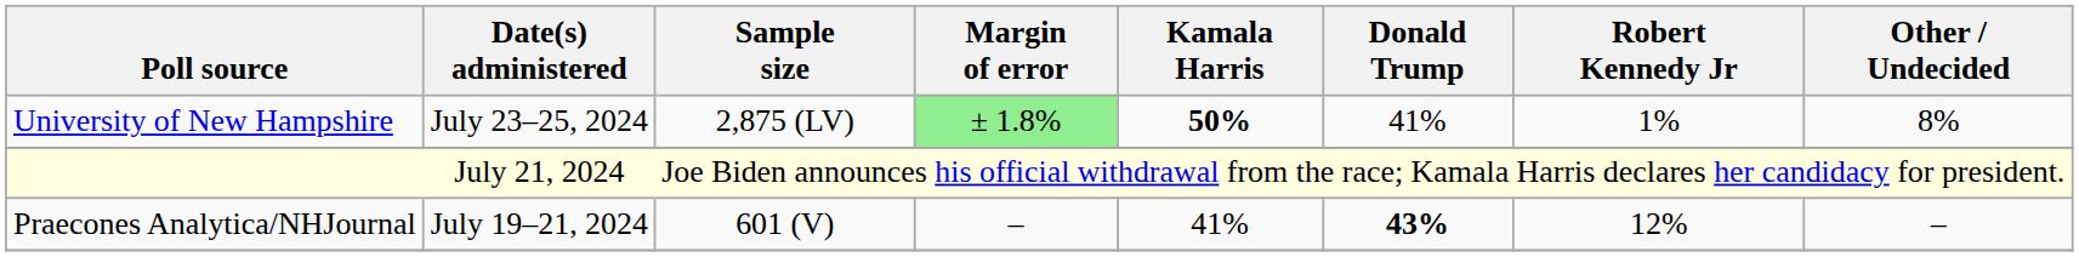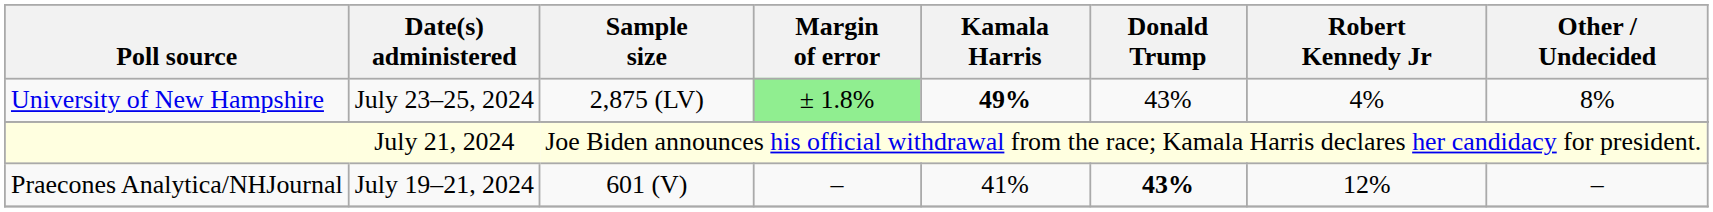 <table class="wikitable sortable mw-datatable" style="font-size:90%;text-align:center;line-height:17px">
 <tr valign=bottom>
 <th>Poll source</th>
 <th>Date(s)<br>administered</th>
 <th>Sample<br>size</th>
 <th>Margin<br>of error</th>
 <th class="unsortable">Kamala<br>Harris<br></th>
 <th class="unsortable">Donald<br>Trump<br></th>
 <th class="unsortable">Robert<br>Kennedy Jr<br></th>
 <th class="unsortable">Other /<br>Undecided</th>
 </tr>
 <tr>
 <td style="text-align:left;"><a href='#'>University of New Hampshire</a></td>
 <td data-sort-value="2024-07-25">July 23–25, 2024</td>
 <td>2,875 (LV)</td>
 <td style="background: lightgreen;">± 1.8%</td>
-<td style="color:black;background-color:"><strong>50%</strong></td>
-<td>41%</td>
-<td>1%</td>
+<td style="color:black;background-color:"><strong>49%</strong></td>
+<td>43%</td>
+<td>4%</td>
 <td>8%</td>
 </tr>
 <tr>
 </tr>
 <tr style="background:lightyellow;">
 <td style="border-right-style:hidden; background:lightyellow;"></td>
 <td style="border-right-style:hidden; " data-sort-value="2024-07-21">July 21, 2024</td>
 <td colspan="6">Joe Biden announces <a href='#'>his official withdrawal</a> from the race; Kamala Harris declares <a href='#'>her candidacy</a> for president.</td>
 </tr>
 <tr>
 <td style="text-align:left;">Praecones Analytica/NHJournal</td>
 <td data-sort-value="2024-07-21">July 19–21, 2024</td>
 <td>601 (V)</td>
 <td>–</td>
 <td>41%</td>
 <td style="background-color:"><strong>43%</strong></td>
 <td>12%</td>
 <td>–</td>
 </tr>
 <tr>
 </tr>
 </table>
